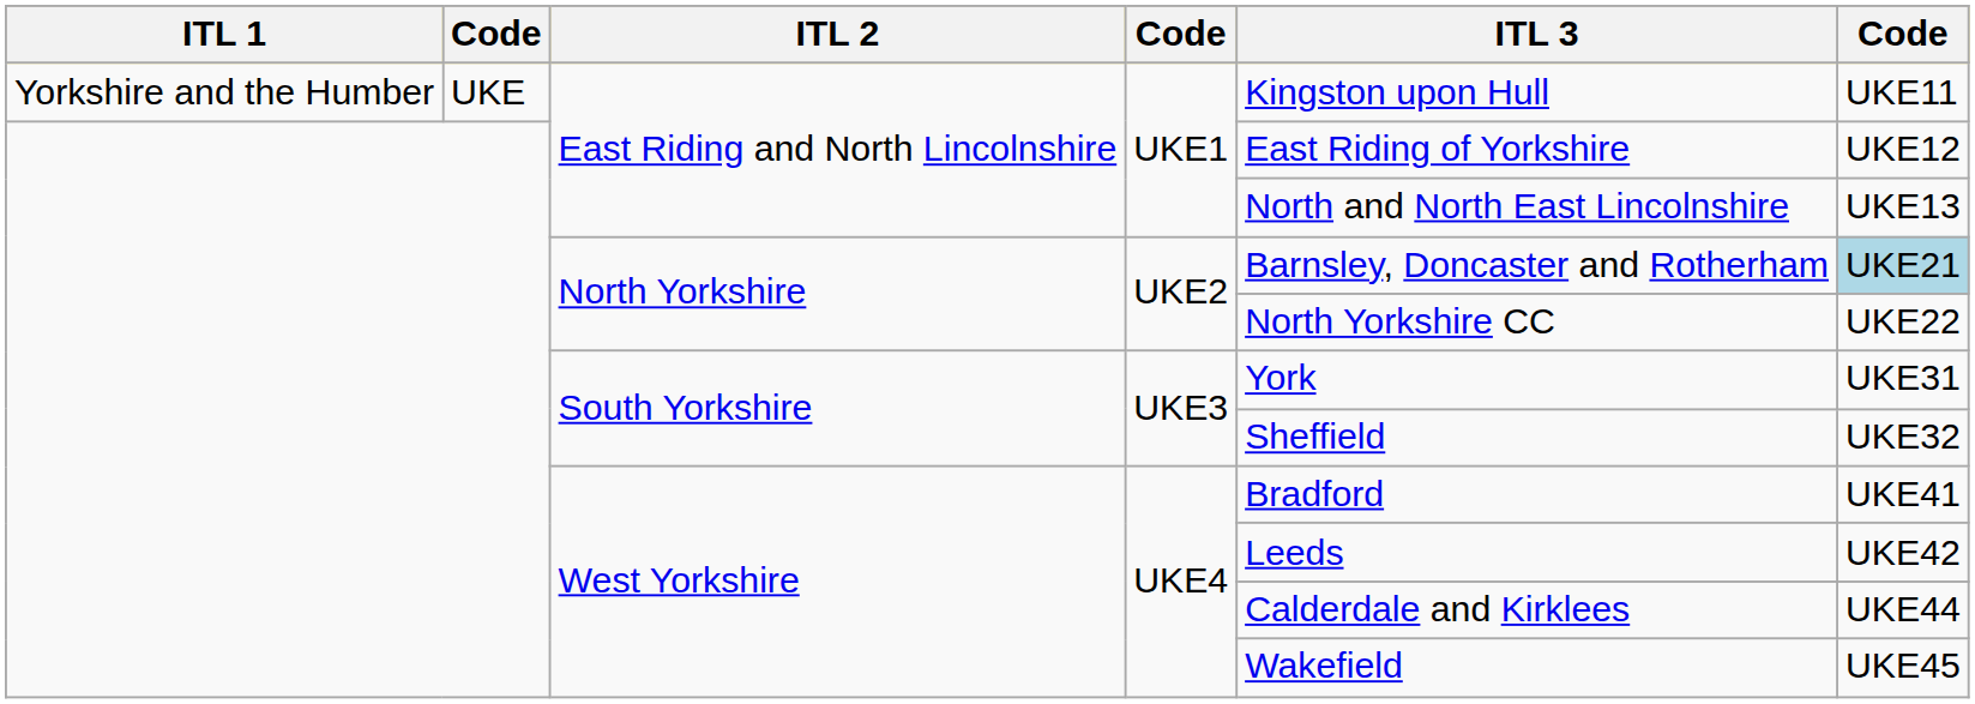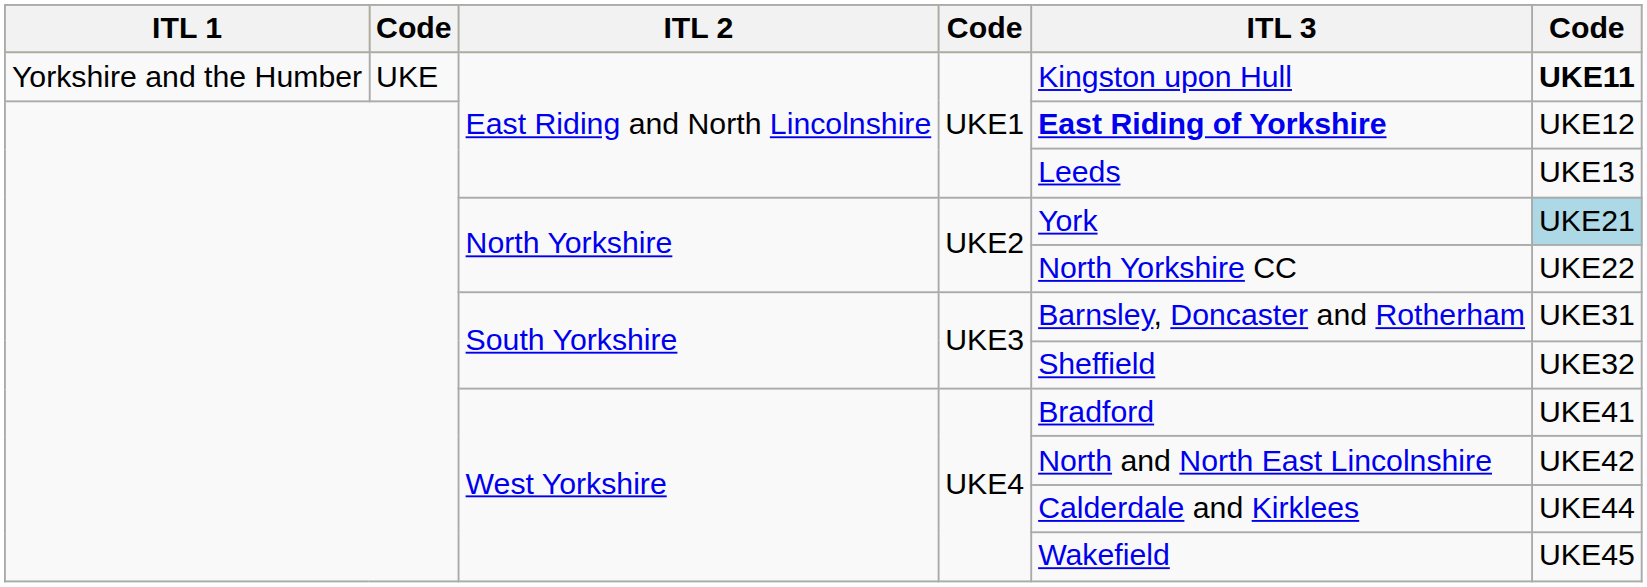 <table class="wikitable">
 <tr style="background:gold; text-align:left;">
 <th>ITL 1</th>
 <th>Code</th>
 <th>ITL 2</th>
 <th>Code</th>
 <th>ITL 3</th>
 <th>Code</th>
 </tr>
 <tr>
 <td>Yorkshire and the Humber</td>
 <td>UKE</td>
 <td rowspan=3><a href='#'>East Riding</a> and North <a href='#'>Lincolnshire</a></td>
 <td rowspan=3>UKE1</td>
 <td><a href='#'>Kingston upon Hull</a></td>
-<td>UKE11</td>
+<td><strong>UKE11</strong></td>
 </tr>
 <tr>
 <td rowspan="10" colspan="2" style="text-align:center;"></td>
-<td><a href='#'>East Riding of Yorkshire</a></td>
+<td><strong><a href='#'>East Riding of Yorkshire</a></strong></td>
 <td>UKE12</td>
 </tr>
 <tr>
-<td><a href='#'>North</a> and <a href='#'>North East Lincolnshire</a></td>
+<td><a href='#'>Leeds</a></td>
 <td>UKE13</td>
 </tr>
 <tr>
 <td rowspan=2><a href='#'>North Yorkshire</a></td>
 <td rowspan=2>UKE2</td>
-<td><a href='#'>Barnsley</a>, <a href='#'>Doncaster</a> and <a href='#'>Rotherham</a></td>
+<td><a href='#'>York</a></td>
 <td style="background: lightblue;">UKE21</td>
 </tr>
 <tr>
 <td><a href='#'>North Yorkshire</a> CC</td>
 <td>UKE22</td>
 </tr>
 <tr>
 <td rowspan=2><a href='#'>South Yorkshire</a></td>
 <td rowspan=2>UKE3</td>
-<td><a href='#'>York</a></td>
+<td><a href='#'>Barnsley</a>, <a href='#'>Doncaster</a> and <a href='#'>Rotherham</a></td>
 <td>UKE31</td>
 </tr>
 <tr>
 <td><a href='#'>Sheffield</a></td>
 <td>UKE32</td>
 </tr>
 <tr>
 <td rowspan=4><a href='#'>West Yorkshire</a></td>
 <td rowspan=4>UKE4</td>
 <td><a href='#'>Bradford</a></td>
 <td>UKE41</td>
 </tr>
 <tr>
-<td><a href='#'>Leeds</a></td>
+<td><a href='#'>North</a> and <a href='#'>North East Lincolnshire</a></td>
 <td>UKE42</td>
 </tr>
 <tr>
 <td><a href='#'>Calderdale</a> and <a href='#'>Kirklees</a></td>
 <td>UKE44</td>
 </tr>
 <tr>
 <td><a href='#'>Wakefield</a></td>
 <td>UKE45</td>
 </tr>
 </table>
